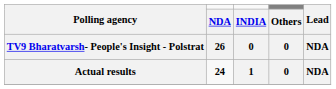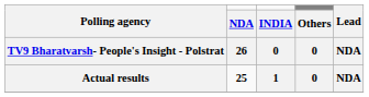 <table class="wikitable" style="text-align:center;font-size:95%;line-height:30px;">
 <tr>
 <th rowspan="2" class="wikitable">Polling agency</th>
 <td></td>
 <td></td>
 <td style="background:grey;"></td>
 <th rowspan="2">Lead</th>
 </tr>
 <tr>
 <th class="wikitable"><a href='#'>NDA</a></th>
 <th class="wikitable"><a href='#'>INDIA</a></th>
 <th class="wikitable">Others</th>
 </tr>
 <tr>
 <th><a href='#'>TV9 Bharatvarsh</a>- People's Insight - Polstrat</th>
 <th>26</th>
 <th>0</th>
 <th>0</th>
 <th>NDA</th>
 </tr>
 <tr>
 <th>Actual results</th>
-<td bgcolor=><strong>24</strong></td>
+<td bgcolor=><strong>25</strong></td>
 <th>1</th>
 <th>0</th>
 <th style="background:"><strong>NDA</strong></th>
 </tr>
 <tr>
 </tr>
 </table>
